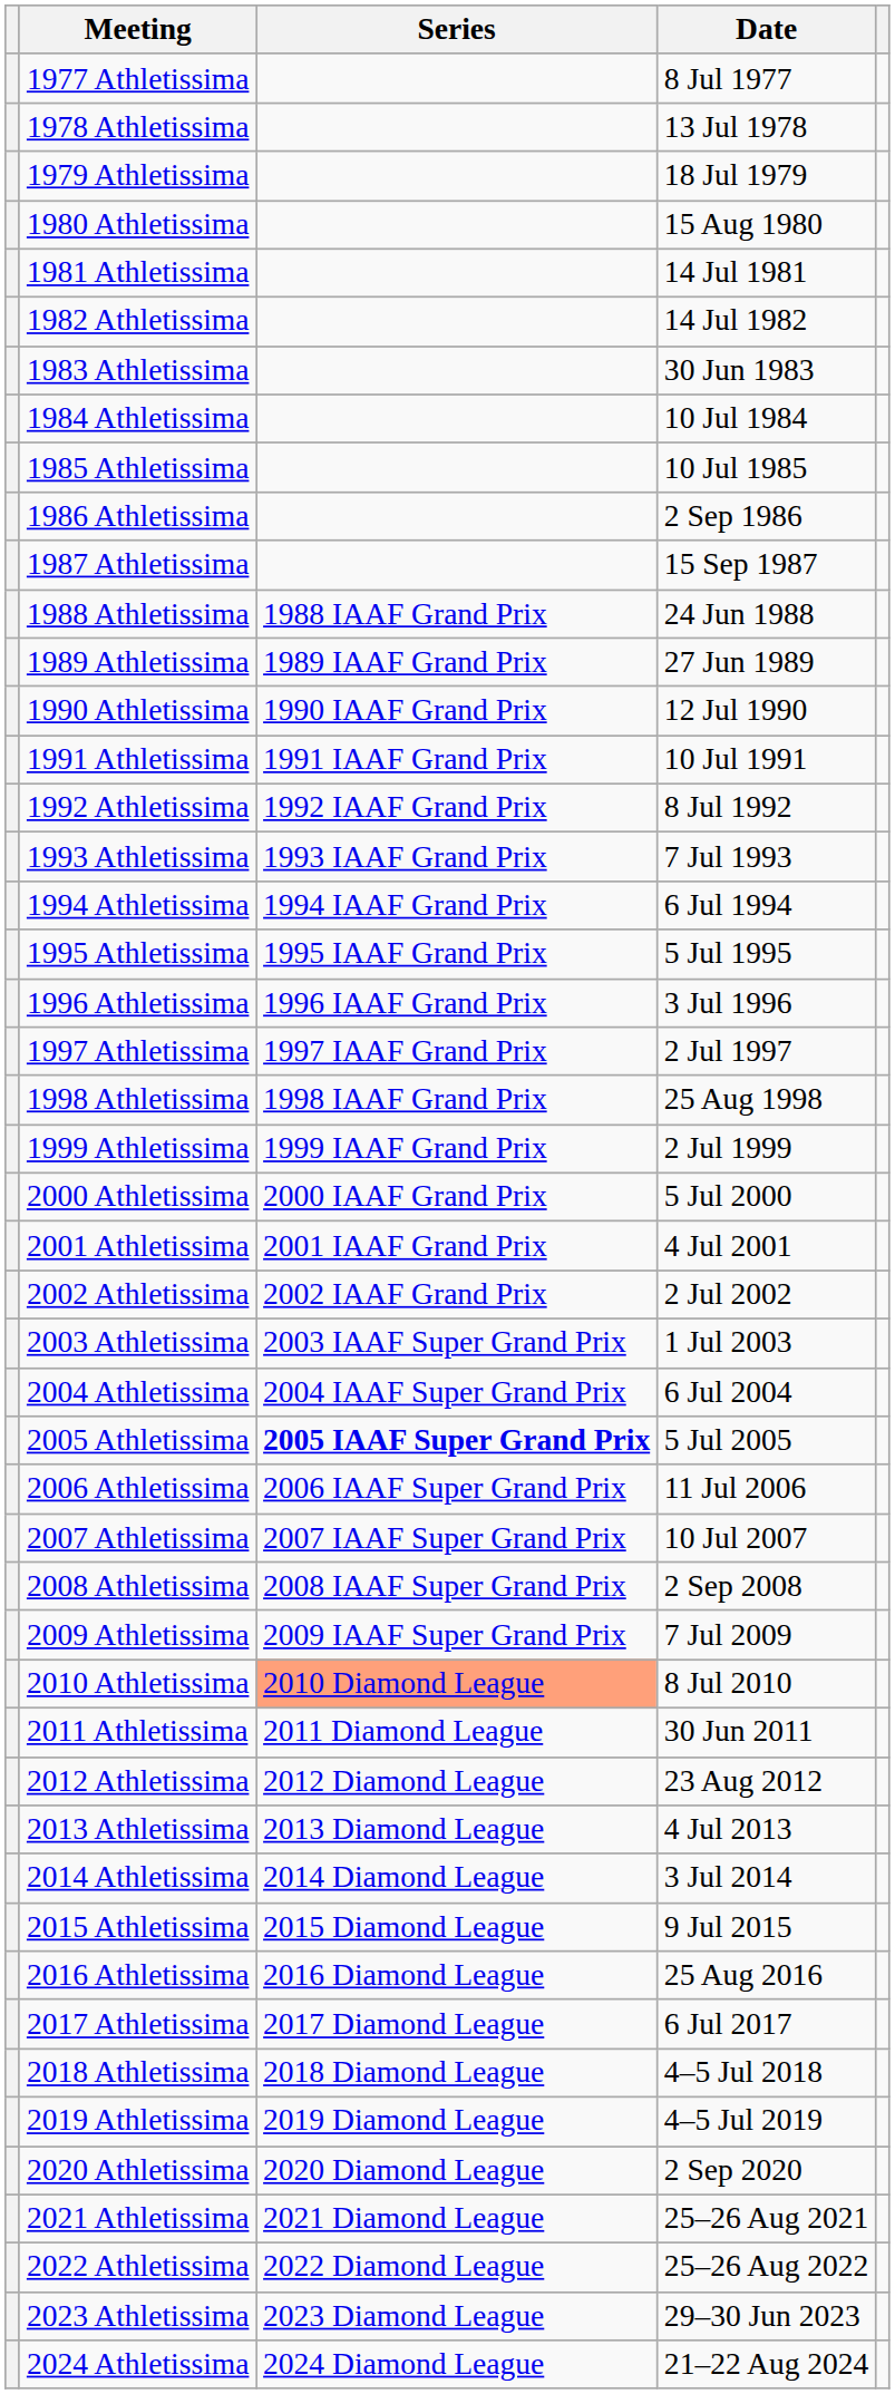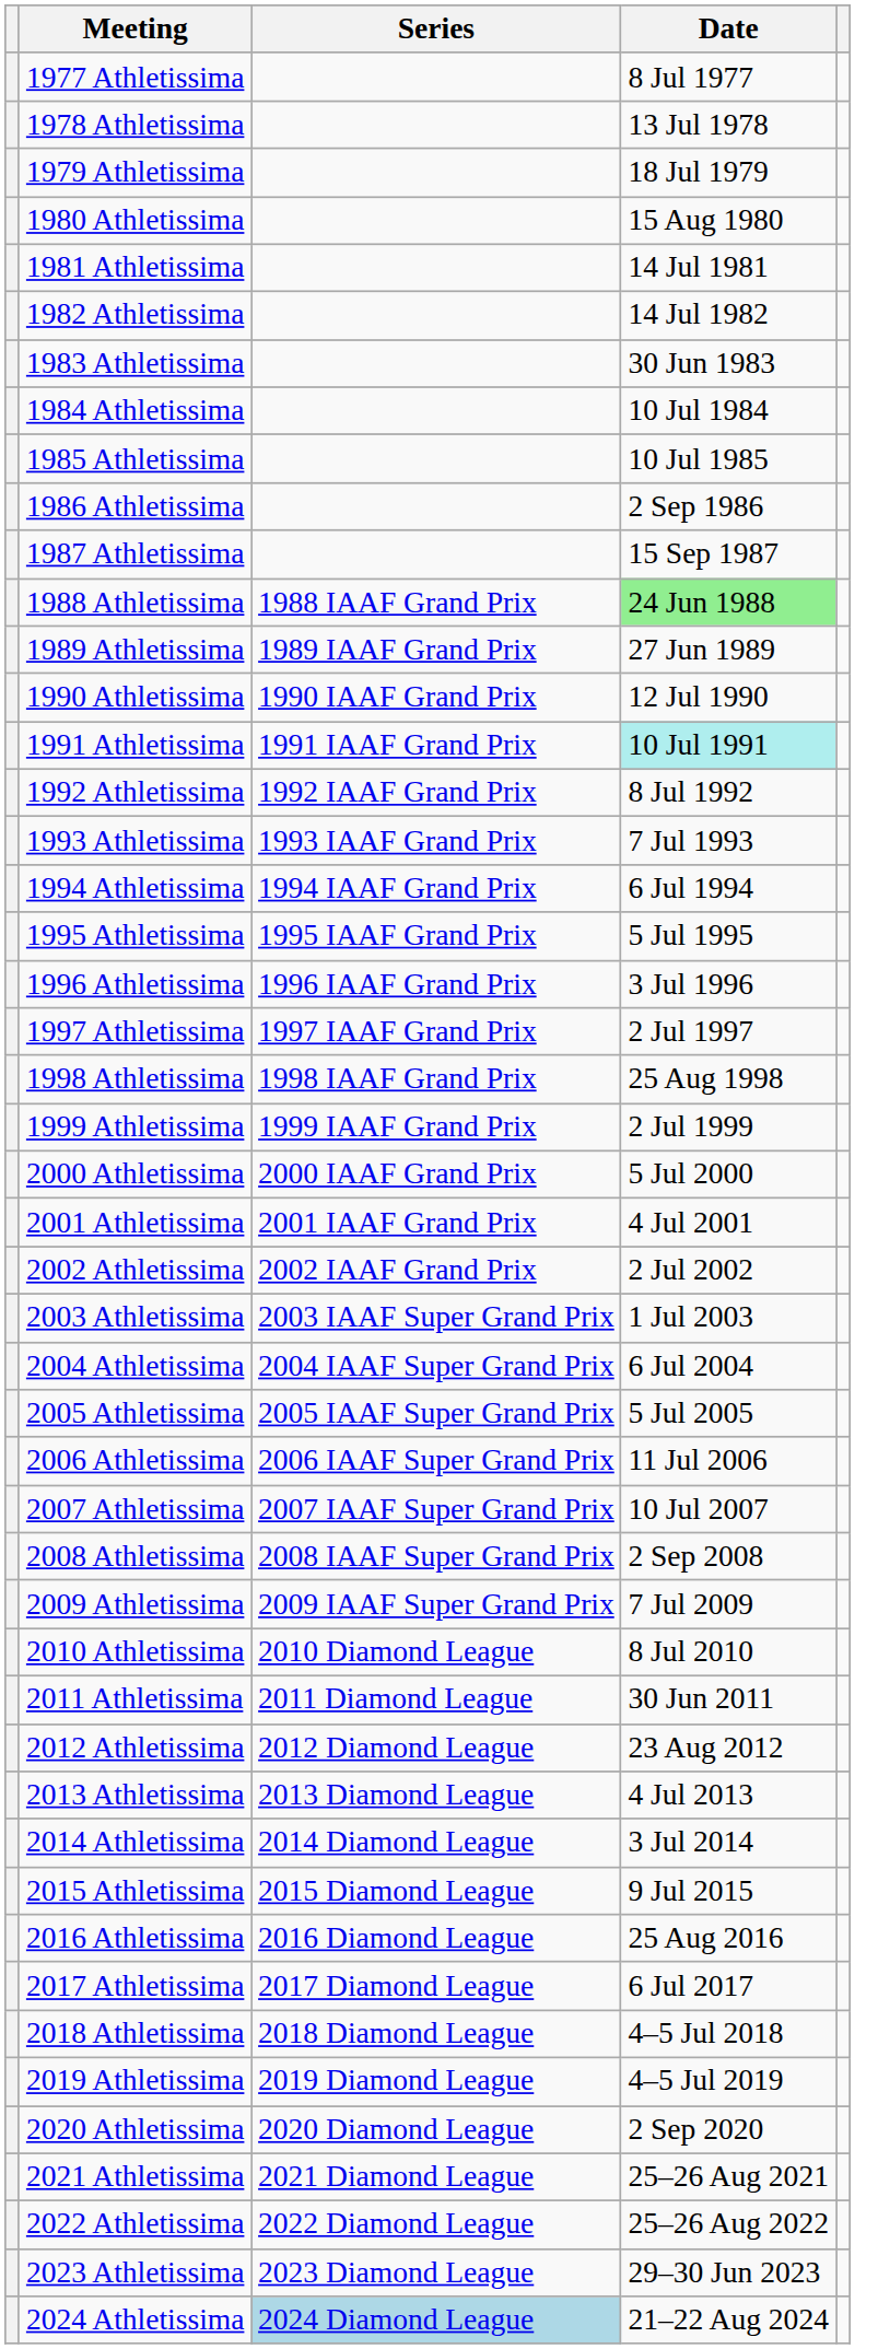 <table class="wikitable plainrowheaders sticky-header defaultleft col4right">
 <tr>
 <th scope="col"></th>
 <th scope="col">Meeting</th>
 <th scope="col">Series</th>
 <th scope="col">Date</th>
 <th scope="col"></th>
 </tr>
 <tr>
 <th scope="row"></th>
 <td><a href='#'>1977 Athletissima</a></td>
 <td></td>
 <td>8 Jul 1977</td>
 <td></td>
 </tr>
 <tr>
 <th scope="row"></th>
 <td><a href='#'>1978 Athletissima</a></td>
 <td></td>
 <td>13 Jul 1978</td>
 <td></td>
 </tr>
 <tr>
 <th scope="row"></th>
 <td><a href='#'>1979 Athletissima</a></td>
 <td></td>
 <td>18 Jul 1979</td>
 <td></td>
 </tr>
 <tr>
 <th scope="row"></th>
 <td><a href='#'>1980 Athletissima</a></td>
 <td></td>
 <td>15 Aug 1980</td>
 <td></td>
 </tr>
 <tr>
 <th scope="row"></th>
 <td><a href='#'>1981 Athletissima</a></td>
 <td></td>
 <td>14 Jul 1981</td>
 <td></td>
 </tr>
 <tr>
 <th scope="row"></th>
 <td><a href='#'>1982 Athletissima</a></td>
 <td></td>
 <td>14 Jul 1982</td>
 <td></td>
 </tr>
 <tr>
 <th scope="row"></th>
 <td><a href='#'>1983 Athletissima</a></td>
 <td></td>
 <td>30 Jun 1983</td>
 <td></td>
 </tr>
 <tr>
 <th scope="row"></th>
 <td><a href='#'>1984 Athletissima</a></td>
 <td></td>
 <td>10 Jul 1984</td>
 <td></td>
 </tr>
 <tr>
 <th scope="row"></th>
 <td><a href='#'>1985 Athletissima</a></td>
 <td></td>
 <td>10 Jul 1985</td>
 <td></td>
 </tr>
 <tr>
 <th scope="row"></th>
 <td><a href='#'>1986 Athletissima</a></td>
 <td></td>
 <td>2 Sep 1986</td>
 <td></td>
 </tr>
 <tr>
 <th scope="row"></th>
 <td><a href='#'>1987 Athletissima</a></td>
 <td></td>
 <td>15 Sep 1987</td>
 <td></td>
 </tr>
 <tr>
 <th scope="row"></th>
 <td><a href='#'>1988 Athletissima</a></td>
 <td><a href='#'>1988 IAAF Grand Prix</a></td>
-<td>24 Jun 1988</td>
+<td style="background: lightgreen;">24 Jun 1988</td>
 <td></td>
 </tr>
 <tr>
 <th scope="row"></th>
 <td><a href='#'>1989 Athletissima</a></td>
 <td><a href='#'>1989 IAAF Grand Prix</a></td>
 <td>27 Jun 1989</td>
 <td></td>
 </tr>
 <tr>
 <th scope="row"></th>
 <td><a href='#'>1990 Athletissima</a></td>
 <td><a href='#'>1990 IAAF Grand Prix</a></td>
 <td>12 Jul 1990</td>
 <td></td>
 </tr>
 <tr>
 <th scope="row"></th>
 <td><a href='#'>1991 Athletissima</a></td>
 <td><a href='#'>1991 IAAF Grand Prix</a></td>
-<td>10 Jul 1991</td>
+<td style="background: paleturquoise;">10 Jul 1991</td>
 <td></td>
 </tr>
 <tr>
 <th scope="row"></th>
 <td><a href='#'>1992 Athletissima</a></td>
 <td><a href='#'>1992 IAAF Grand Prix</a></td>
 <td>8 Jul 1992</td>
 <td></td>
 </tr>
 <tr>
 <th scope="row"></th>
 <td><a href='#'>1993 Athletissima</a></td>
 <td><a href='#'>1993 IAAF Grand Prix</a></td>
 <td>7 Jul 1993</td>
 <td></td>
 </tr>
 <tr>
 <th scope="row"></th>
 <td><a href='#'>1994 Athletissima</a></td>
 <td><a href='#'>1994 IAAF Grand Prix</a></td>
 <td>6 Jul 1994</td>
 <td></td>
 </tr>
 <tr>
 <th scope="row"></th>
 <td><a href='#'>1995 Athletissima</a></td>
 <td><a href='#'>1995 IAAF Grand Prix</a></td>
 <td>5 Jul 1995</td>
 <td></td>
 </tr>
 <tr>
 <th scope="row"></th>
 <td><a href='#'>1996 Athletissima</a></td>
 <td><a href='#'>1996 IAAF Grand Prix</a></td>
 <td>3 Jul 1996</td>
 <td></td>
 </tr>
 <tr>
 <th scope="row"></th>
 <td><a href='#'>1997 Athletissima</a></td>
 <td><a href='#'>1997 IAAF Grand Prix</a></td>
 <td>2 Jul 1997</td>
 <td></td>
 </tr>
 <tr>
 <th scope="row"></th>
 <td><a href='#'>1998 Athletissima</a></td>
 <td><a href='#'>1998 IAAF Grand Prix</a></td>
 <td>25 Aug 1998</td>
 <td></td>
 </tr>
 <tr>
 <th scope="row"></th>
 <td><a href='#'>1999 Athletissima</a></td>
 <td><a href='#'>1999 IAAF Grand Prix</a></td>
 <td>2 Jul 1999</td>
 <td></td>
 </tr>
 <tr>
 <th scope="row"></th>
 <td><a href='#'>2000 Athletissima</a></td>
 <td><a href='#'>2000 IAAF Grand Prix</a></td>
 <td>5 Jul 2000</td>
 <td></td>
 </tr>
 <tr>
 <th scope="row"></th>
 <td><a href='#'>2001 Athletissima</a></td>
 <td><a href='#'>2001 IAAF Grand Prix</a></td>
 <td>4 Jul 2001</td>
 <td></td>
 </tr>
 <tr>
 <th scope="row"></th>
 <td><a href='#'>2002 Athletissima</a></td>
 <td><a href='#'>2002 IAAF Grand Prix</a></td>
 <td>2 Jul 2002</td>
 <td></td>
 </tr>
 <tr>
 <th scope="row"></th>
 <td><a href='#'>2003 Athletissima</a></td>
 <td><a href='#'>2003 IAAF Super Grand Prix</a></td>
 <td>1 Jul 2003</td>
 <td></td>
 </tr>
 <tr>
 <th scope="row"></th>
 <td><a href='#'>2004 Athletissima</a></td>
 <td><a href='#'>2004 IAAF Super Grand Prix</a></td>
 <td>6 Jul 2004</td>
 <td></td>
 </tr>
 <tr>
 <th scope="row"></th>
 <td><a href='#'>2005 Athletissima</a></td>
-<td><strong><a href='#'>2005 IAAF Super Grand Prix</a></strong></td>
+<td><a href='#'>2005 IAAF Super Grand Prix</a></td>
 <td>5 Jul 2005</td>
 <td></td>
 </tr>
 <tr>
 <th scope="row"></th>
 <td><a href='#'>2006 Athletissima</a></td>
 <td><a href='#'>2006 IAAF Super Grand Prix</a></td>
 <td>11 Jul 2006</td>
 <td></td>
 </tr>
 <tr>
 <th scope="row"></th>
 <td><a href='#'>2007 Athletissima</a></td>
 <td><a href='#'>2007 IAAF Super Grand Prix</a></td>
 <td>10 Jul 2007</td>
 <td></td>
 </tr>
 <tr>
 <th scope="row"></th>
 <td><a href='#'>2008 Athletissima</a></td>
 <td><a href='#'>2008 IAAF Super Grand Prix</a></td>
 <td>2 Sep 2008</td>
 <td></td>
 </tr>
 <tr>
 <th scope="row"></th>
 <td><a href='#'>2009 Athletissima</a></td>
 <td><a href='#'>2009 IAAF Super Grand Prix</a></td>
 <td>7 Jul 2009</td>
 <td></td>
 </tr>
 <tr>
 <th scope="row"></th>
 <td><a href='#'>2010 Athletissima</a></td>
-<td style="background: lightsalmon;"><a href='#'>2010 Diamond League</a></td>
+<td><a href='#'>2010 Diamond League</a></td>
 <td>8 Jul 2010</td>
 <td></td>
 </tr>
 <tr>
 <th scope="row"></th>
 <td><a href='#'>2011 Athletissima</a></td>
 <td><a href='#'>2011 Diamond League</a></td>
 <td>30 Jun 2011</td>
 <td></td>
 </tr>
 <tr>
 <th scope="row"></th>
 <td><a href='#'>2012 Athletissima</a></td>
 <td><a href='#'>2012 Diamond League</a></td>
 <td>23 Aug 2012</td>
 <td></td>
 </tr>
 <tr>
 <th scope="row"></th>
 <td><a href='#'>2013 Athletissima</a></td>
 <td><a href='#'>2013 Diamond League</a></td>
 <td>4 Jul 2013</td>
 <td></td>
 </tr>
 <tr>
 <th scope="row"></th>
 <td><a href='#'>2014 Athletissima</a></td>
 <td><a href='#'>2014 Diamond League</a></td>
 <td>3 Jul 2014</td>
 <td></td>
 </tr>
 <tr>
 <th scope="row"></th>
 <td><a href='#'>2015 Athletissima</a></td>
 <td><a href='#'>2015 Diamond League</a></td>
 <td>9 Jul 2015</td>
 <td></td>
 </tr>
 <tr>
 <th scope="row"></th>
 <td><a href='#'>2016 Athletissima</a></td>
 <td><a href='#'>2016 Diamond League</a></td>
 <td>25 Aug 2016</td>
 <td></td>
 </tr>
 <tr>
 <th scope="row"></th>
 <td><a href='#'>2017 Athletissima</a></td>
 <td><a href='#'>2017 Diamond League</a></td>
 <td>6 Jul 2017</td>
 <td></td>
 </tr>
 <tr>
 <th scope="row"></th>
 <td><a href='#'>2018 Athletissima</a></td>
 <td><a href='#'>2018 Diamond League</a></td>
 <td>4–5 Jul 2018</td>
 <td></td>
 </tr>
 <tr>
 <th scope="row"></th>
 <td><a href='#'>2019 Athletissima</a></td>
 <td><a href='#'>2019 Diamond League</a></td>
 <td>4–5 Jul 2019</td>
 <td></td>
 </tr>
 <tr>
 <th scope="row"></th>
 <td><a href='#'>2020 Athletissima</a></td>
 <td><a href='#'>2020 Diamond League</a></td>
 <td>2 Sep 2020</td>
 <td></td>
 </tr>
 <tr>
 <th scope="row"></th>
 <td><a href='#'>2021 Athletissima</a></td>
 <td><a href='#'>2021 Diamond League</a></td>
 <td>25–26 Aug 2021</td>
 <td></td>
 </tr>
 <tr>
 <th scope="row"></th>
 <td><a href='#'>2022 Athletissima</a></td>
 <td><a href='#'>2022 Diamond League</a></td>
 <td>25–26 Aug 2022</td>
 <td></td>
 </tr>
 <tr>
 <th scope="row"></th>
 <td><a href='#'>2023 Athletissima</a></td>
 <td><a href='#'>2023 Diamond League</a></td>
 <td>29–30 Jun 2023</td>
 <td></td>
 </tr>
 <tr>
 <th scope="row"></th>
 <td><a href='#'>2024 Athletissima</a></td>
-<td><a href='#'>2024 Diamond League</a></td>
+<td style="background: lightblue;"><a href='#'>2024 Diamond League</a></td>
 <td>21–22 Aug 2024</td>
 <td></td>
 </tr>
 </table>
